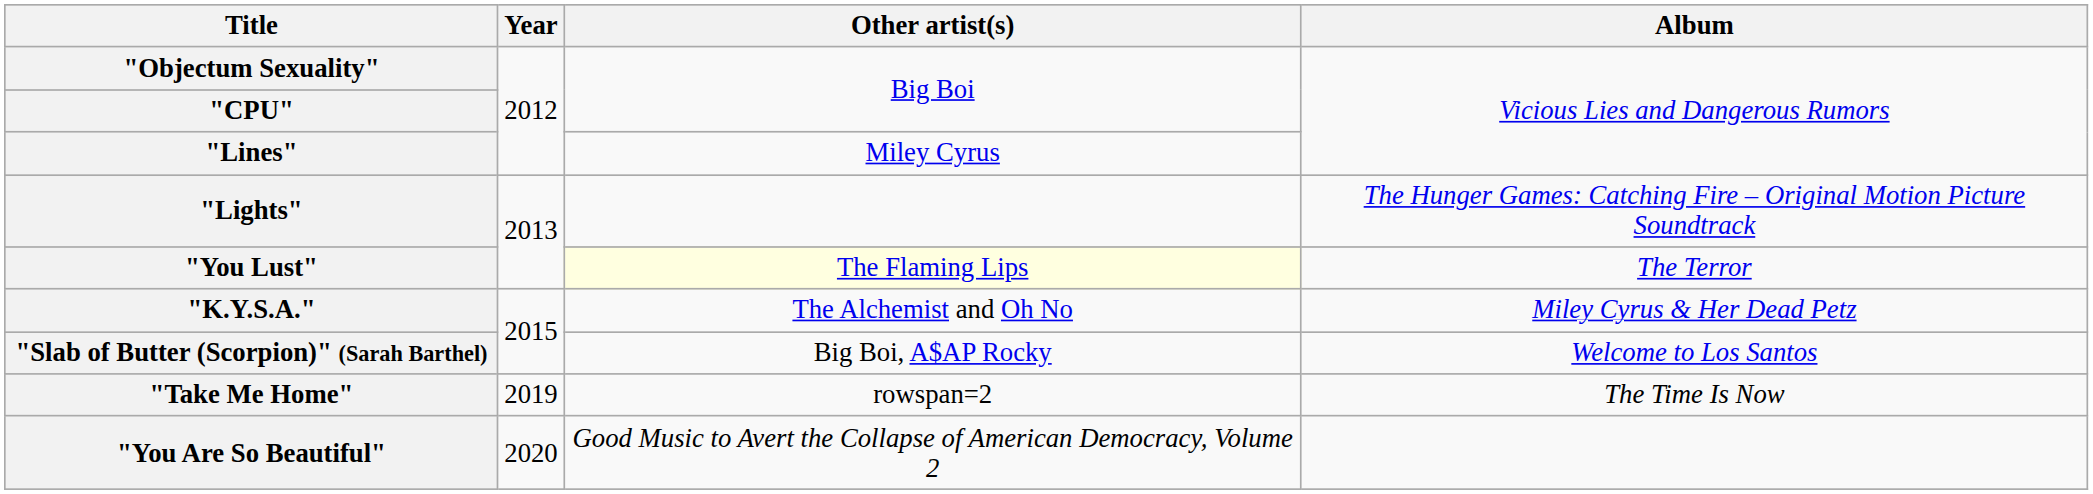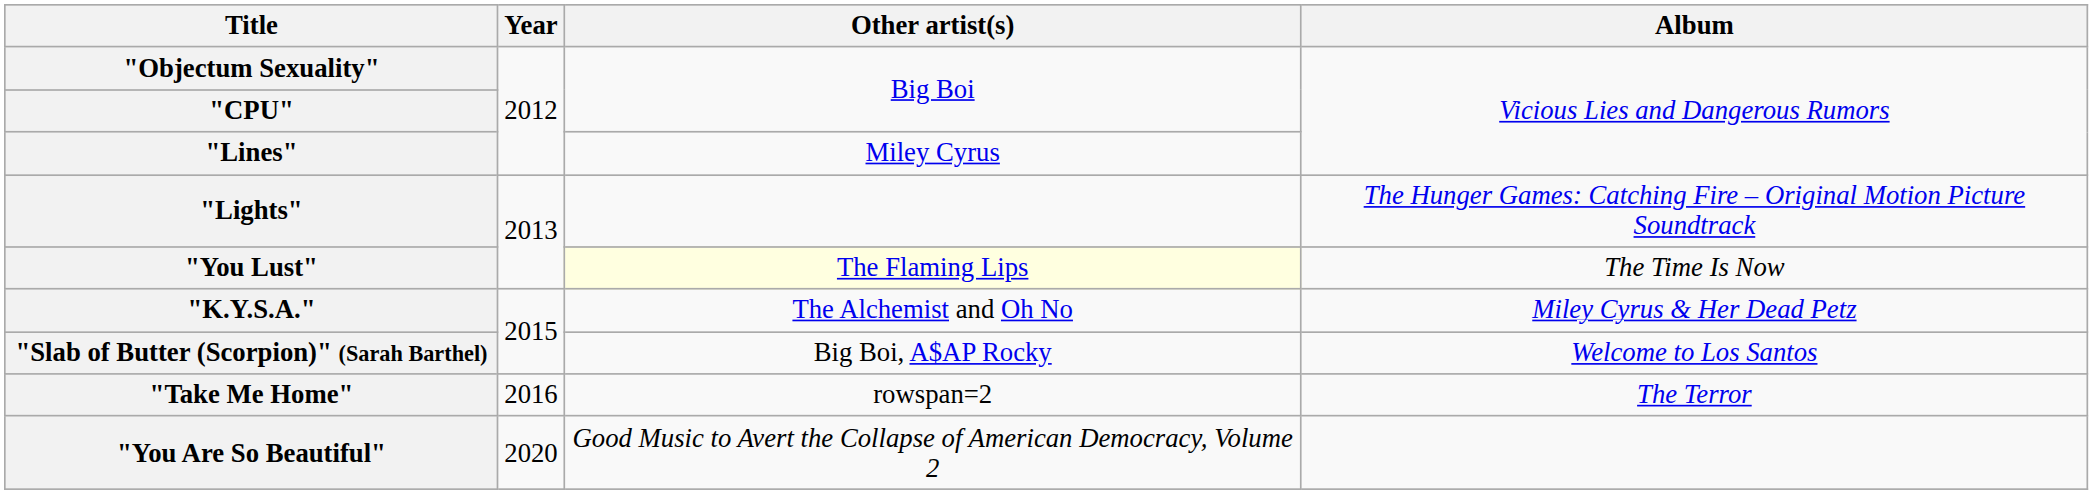 <table class="wikitable plainrowheaders" style="text-align:center;">
 <tr>
 <th scope="col" style="width:18em;">Title</th>
 <th scope="col">Year</th>
 <th scope="col">Other artist(s)</th>
 <th scope="col">Album</th>
 </tr>
 <tr>
 <th scope="row">"Objectum Sexuality"</th>
 <td rowspan=3>2012</td>
 <td rowspan=2><a href='#'>Big Boi</a></td>
 <td rowspan=3><em><a href='#'>Vicious Lies and Dangerous Rumors</a></em></td>
 </tr>
 <tr>
 <th scope="row">"CPU"</th>
 </tr>
 <tr>
 <th scope="row">"Lines"</th>
 <td><a href='#'>Miley Cyrus</a></td>
 </tr>
 <tr>
 <th scope="row">"Lights"</th>
 <td rowspan=2>2013</td>
 <td></td>
 <td><em><a href='#'>The Hunger Games: Catching Fire – Original Motion Picture Soundtrack</a></em></td>
 </tr>
 <tr>
 <th scope="row">"You Lust"</th>
 <td style="background: lightyellow;"><a href='#'>The Flaming Lips</a></td>
-<td><em><a href='#'>The Terror</a></em></td>
+<td><em>The Time Is Now</em></td>
 </tr>
 <tr>
 <th scope="row">"K.Y.S.A."</th>
 <td rowspan="2">2015</td>
 <td><a href='#'>The Alchemist</a> and <a href='#'>Oh No</a></td>
 <td><em><a href='#'>Miley Cyrus & Her Dead Petz</a></em></td>
 </tr>
 <tr>
 <th scope="row">"Slab of Butter (Scorpion)" <small>(Sarah Barthel)</small></th>
 <td>Big Boi, <a href='#'>A$AP Rocky</a></td>
 <td><em><a href='#'>Welcome to Los Santos</a></em></td>
 </tr>
 <tr>
 <th scope="row">"Take Me Home"</th>
-<td>2019</td>
+<td>2016</td>
 <td>rowspan=2 </td>
-<td><em>The Time Is Now</em></td>
+<td><em><a href='#'>The Terror</a></em></td>
 </tr>
 <tr>
 <th scope="row">"You Are So Beautiful"</th>
 <td>2020</td>
 <td><em>Good Music to Avert the Collapse of American Democracy, Volume 2</em></td>
 </tr>
 </table>
